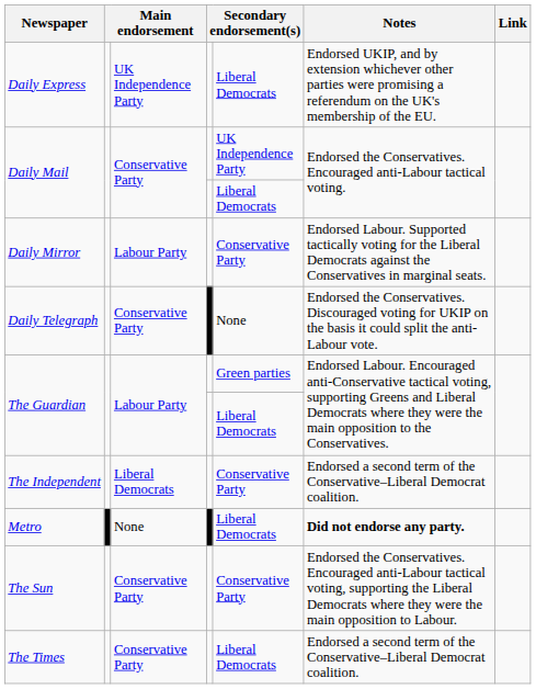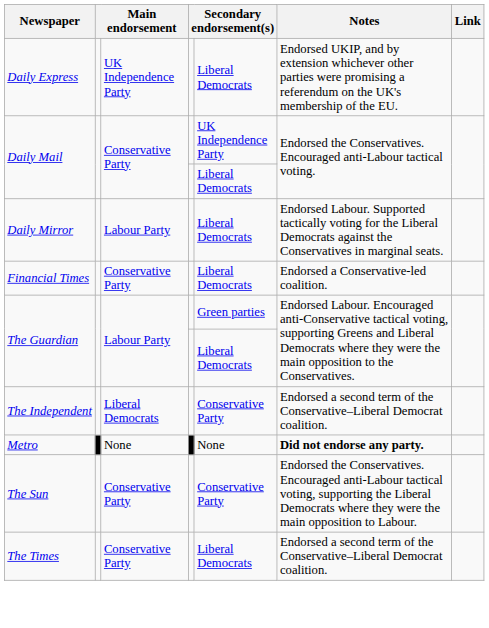 <table class="wikitable">
 <tr>
 <th style="width:200px;">Newspaper</th>
 <th colspan=2>Main endorsement</th>
 <th colspan=2>Secondary endorsement(s)</th>
 <th style="width:600px;">Notes</th>
 <th style="width:35px;">Link</th>
 </tr>
 <tr>
 <td><em><a href='#'>Daily Express</a></em></td>
 <td style="background-color: "></td>
 <td width=150px><a href='#'>UK Independence Party</a></td>
 <td style="color:inherit;background-color: "></td>
 <td><a href='#'>Liberal Democrats</a></td>
 <td>Endorsed UKIP, and by extension whichever other parties were promising a referendum on the UK's membership of the EU.</td>
 <td></td>
 </tr>
 <tr>
 <td rowspan="2"><em><a href='#'>Daily Mail</a></em></td>
 <td rowspan="2" style="color:inherit;background-color: "></td>
 <td rowspan="2"><a href='#'>Conservative Party</a></td>
 <td style="color:inherit;background-color: "></td>
 <td><a href='#'>UK Independence Party</a></td>
 <td rowspan="2">Endorsed the Conservatives. Encouraged anti-Labour tactical voting.</td>
 <td rowspan="2"></td>
 </tr>
 <tr>
 <td style="color:inherit;background-color: "></td>
 <td><a href='#'>Liberal Democrats</a></td>
 </tr>
 <tr>
 <td><em><a href='#'>Daily Mirror</a></em></td>
 <td style="color:inherit;background-color: "></td>
 <td><a href='#'>Labour Party</a></td>
 <td style="color:inherit;background-color: "></td>
-<td><a href='#'>Conservative Party</a></td>
+<td><a href='#'>Liberal Democrats</a></td>
 <td>Endorsed Labour. Supported tactically voting for the Liberal Democrats against the Conservatives in marginal seats.</td>
 <td> </td>
 </tr>
 <tr>
-<td><em><a href='#'>Daily Telegraph</a></em></td>
+<td><em><a href='#'>Financial Times</a></em></td>
 <td style="color:inherit;background-color: "></td>
 <td><a href='#'>Conservative Party</a></td>
-<td style="background-color:black"></td>
-<td>None</td>
-<td>Endorsed the Conservatives. Discouraged voting for UKIP on the basis it could split the anti-Labour vote.</td>
+<td style="color:inherit;background-color: "></td>
+<td><a href='#'>Liberal Democrats</a></td>
+<td>Endorsed a Conservative-led coalition.</td>
 <td></td>
 </tr>
 <tr>
 <td rowspan="2"><em><a href='#'>The Guardian</a></em></td>
 <td rowspan="2" style="color:inherit;background-color: "></td>
 <td rowspan="2"><a href='#'>Labour Party</a></td>
 <td style="color:inherit;background-color: "></td>
 <td><a href='#'>Green parties</a></td>
 <td rowspan="2">Endorsed Labour. Encouraged anti-Conservative tactical voting, supporting Greens and Liberal Democrats where they were the main opposition to the Conservatives.</td>
 <td rowspan="2"></td>
 </tr>
 <tr>
 <td style="color:inherit;background-color: "></td>
 <td><a href='#'>Liberal Democrats</a></td>
 </tr>
 <tr>
 <td><em><a href='#'>The Independent</a></em></td>
 <td style="color:inherit;background-color: "></td>
 <td><a href='#'>Liberal Democrats</a></td>
 <td style="color:inherit;background-color: "></td>
 <td><a href='#'>Conservative Party</a></td>
 <td>Endorsed a second term of the Conservative–Liberal Democrat coalition.</td>
 <td> </td>
 </tr>
 <tr>
 <td><em><a href='#'>Metro</a></em></td>
 <td style="background-color:black"></td>
 <td>None</td>
 <td style="background-color:black"></td>
-<td><a href='#'>Liberal Democrats</a></td>
+<td>None</td>
 <td><strong>Did not endorse any party.</strong></td>
 <td></td>
 </tr>
 <tr>
 <td><em><a href='#'>The Sun</a></em></td>
 <td style="color:inherit;background-color: "></td>
 <td><a href='#'>Conservative Party</a></td>
 <td style="color:inherit;background-color: "></td>
 <td><a href='#'>Conservative Party</a></td>
 <td>Endorsed the Conservatives. Encouraged anti-Labour tactical voting, supporting the Liberal Democrats where they were the main opposition to Labour.</td>
 <td></td>
 </tr>
 <tr>
 <td><em><a href='#'>The Times</a></em></td>
 <td style="color:inherit;background-color: "></td>
 <td><a href='#'>Conservative Party</a></td>
 <td style="color:inherit;background-color: "></td>
 <td><a href='#'>Liberal Democrats</a></td>
 <td>Endorsed a second term of the Conservative–Liberal Democrat coalition.</td>
 <td></td>
 </tr>
 </table>
